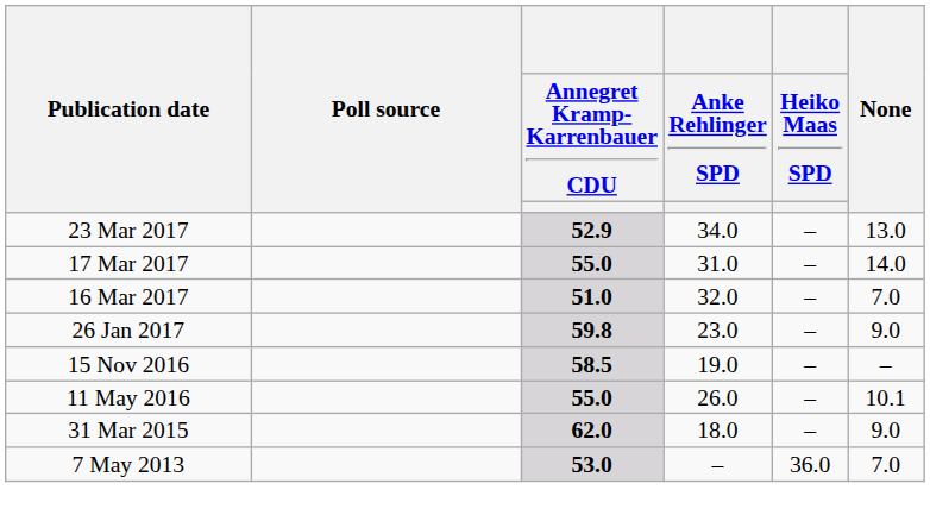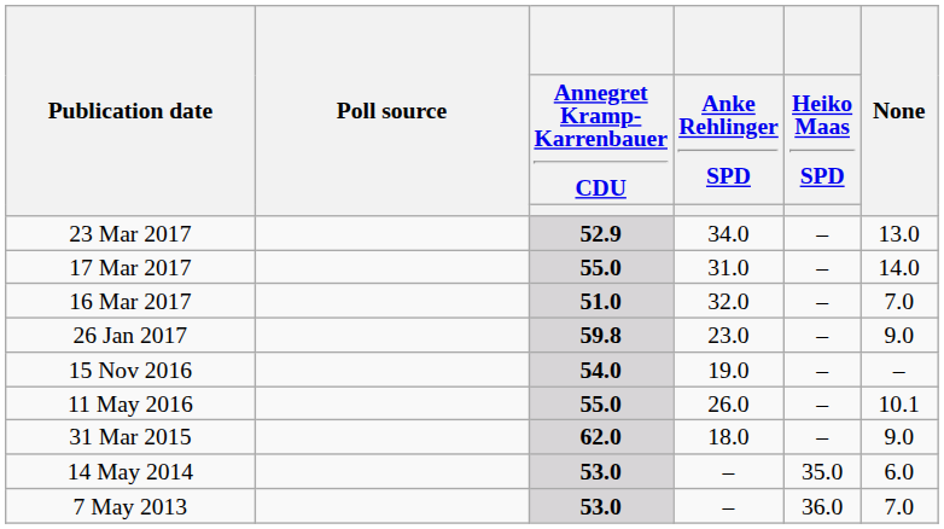 <table class="wikitable sortable" style="text-align:center; font-size:90%; line-height:14px;">
 <tr style="height:42px;">
 <th style="width:145px;" rowspan="3">Publication date</th>
 <th style="width:160px;" rowspan="3">Poll source</th>
 <th style="width:40px;"></th>
 <th style="width:40px;"></th>
 <th style="width:40px;"></th>
 <th style="width:40px;" rowspan="3">None</th>
 </tr>
 <tr>
 <th><a href='#'>Annegret Kramp-Karrenbauer</a><hr><a href='#'>CDU</a></th>
 <th><a href='#'>Anke Rehlinger</a><hr><a href='#'>SPD</a></th>
 <th><a href='#'>Heiko Maas</a><hr><a href='#'>SPD</a></th>
 </tr>
 <tr>
 <th style="color:inherit;background:"></th>
 <th style="color:inherit;background:"></th>
 <th style="color:inherit;background:"></th>
 </tr>
 <tr>
 <td>23 Mar 2017</td>
 <td></td>
 <td style="background:#D7D5D7"><strong>52.9</strong></td>
 <td>34.0</td>
 <td>–</td>
 <td>13.0</td>
 </tr>
 <tr>
 <td>17 Mar 2017</td>
 <td></td>
 <td style="background:#D7D5D7"><strong>55.0</strong></td>
 <td>31.0</td>
 <td>–</td>
 <td>14.0</td>
 </tr>
 <tr>
 <td>16 Mar 2017</td>
 <td></td>
 <td style="background:#D7D5D7"><strong>51.0</strong></td>
 <td>32.0</td>
 <td>–</td>
 <td>7.0</td>
 </tr>
 <tr>
 <td>26 Jan 2017</td>
 <td></td>
 <td style="background:#D7D5D7"><strong>59.8</strong></td>
 <td>23.0</td>
 <td>–</td>
 <td>9.0</td>
 </tr>
 <tr>
 <td>15 Nov 2016</td>
 <td></td>
-<td style="background:#D7D5D7"><strong>58.5</strong></td>
+<td style="background:#D7D5D7"><strong>54.0</strong></td>
 <td>19.0</td>
 <td>–</td>
 <td>–</td>
 </tr>
 <tr>
 <td>11 May 2016</td>
 <td></td>
 <td style="background:#D7D5D7"><strong>55.0</strong></td>
 <td>26.0</td>
 <td>–</td>
 <td>10.1</td>
 </tr>
 <tr>
 <td>31 Mar 2015</td>
 <td></td>
 <td style="background:#D7D5D7"><strong>62.0</strong></td>
 <td>18.0</td>
 <td>–</td>
 <td>9.0</td>
 </tr>
 <tr>
+<td>14 May 2014</td>
+<td></td>
+<td style="background:#D7D5D7"><strong>53.0</strong></td>
+<td>–</td>
+<td>35.0</td>
+<td>6.0</td>
+</tr>
+<tr>
 <td>7 May 2013</td>
 <td></td>
 <td style="background:#D7D5D7"><strong>53.0</strong></td>
 <td>–</td>
 <td>36.0</td>
 <td>7.0</td>
 </tr>
 </table>
